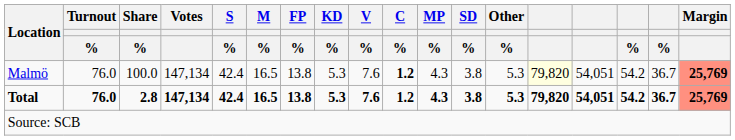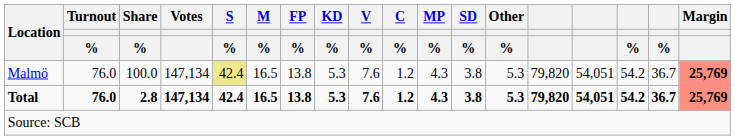 <table class="wikitable sortable" style="text-align:right; font-size:95%; line-height:20px;">
 <tr>
 <th rowspan="3">Location</th>
 <th>Turnout</th>
 <th>Share</th>
 <th>Votes</th>
 <th width="30px" class="unsortable"><a href='#'>S</a></th>
 <th width="30px" class="unsortable"><a href='#'>M</a></th>
 <th width="30px" class="unsortable"><a href='#'>FP</a></th>
 <th width="30px" class="unsortable"><a href='#'>KD</a></th>
 <th width="30px" class="unsortable"><a href='#'>V</a></th>
 <th width="30px" class="unsortable"><a href='#'>C</a></th>
 <th width="30px" class="unsortable"><a href='#'>MP</a></th>
 <th width="30px" class="unsortable"><a href='#'>SD</a></th>
 <th width="30px" class="unsortable">Other</th>
 <th></th>
 <th></th>
 <th></th>
 <th></th>
 <th>Margin</th>
 </tr>
 <tr>
 <th></th>
 <th></th>
 <th></th>
 <th style="background:"></th>
 <th style="background:"></th>
 <th style="background:"></th>
 <th style="background:"></th>
 <th style="background:"></th>
 <th style="background:"></th>
 <th style="background:"></th>
 <th style="background:"></th>
 <th style="background:"></th>
 <th style="background:"></th>
 <th style="background:"></th>
 <th style="background:"></th>
 <th style="background:"></th>
 <th></th>
 </tr>
 <tr>
 <th data-sort-type="number">%</th>
 <th data-sort-type="number">%</th>
 <th></th>
 <th data-sort-type="number">%</th>
 <th data-sort-type="number">%</th>
 <th data-sort-type="number">%</th>
 <th data-sort-type="number">%</th>
 <th data-sort-type="number">%</th>
 <th data-sort-type="number">%</th>
 <th data-sort-type="number">%</th>
 <th data-sort-type="number">%</th>
 <th data-sort-type="number">%</th>
 <th data-sort-type="number"></th>
 <th data-sort-type="number"></th>
 <th data-sort-type="number">%</th>
 <th data-sort-type="number">%</th>
 <th data-sort-type="number"></th>
 </tr>
 <tr>
 <td align=left><a href='#'>Malmö</a></td>
 <td>76.0</td>
 <td>100.0</td>
 <td>147,134</td>
-<td>42.4</td>
+<td style="background: khaki;">42.4</td>
 <td>16.5</td>
 <td>13.8</td>
 <td>5.3</td>
 <td>7.6</td>
-<td><strong>1.2</strong></td>
+<td>1.2</td>
 <td>4.3</td>
 <td>3.8</td>
 <td>5.3</td>
-<td style="background: lightyellow;">79,820</td>
+<td>79,820</td>
 <td>54,051</td>
 <td>54.2</td>
 <td>36.7</td>
 <td bgcolor=#ff908><strong>25,769</strong></td>
 </tr>
 <tr>
 <td align=left><strong>Total</strong></td>
 <td><strong>76.0</strong></td>
 <td><strong>2.8</strong></td>
 <td><strong>147,134</strong></td>
 <td><strong>42.4</strong></td>
 <td><strong>16.5</strong></td>
 <td><strong>13.8</strong></td>
 <td><strong>5.3</strong></td>
 <td><strong>7.6</strong></td>
 <td><strong>1.2</strong></td>
 <td><strong>4.3</strong></td>
 <td><strong>3.8</strong></td>
 <td><strong>5.3</strong></td>
 <td><strong>79,820</strong></td>
 <td><strong>54,051</strong></td>
 <td><strong>54.2</strong></td>
 <td><strong>36.7</strong></td>
 <td bgcolor=#ff908><strong>25,769</strong></td>
 </tr>
 <tr>
 <td align=left colspan=18>Source: SCB </td>
 </tr>
 </table>
